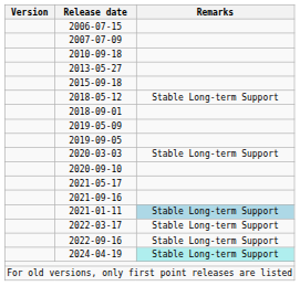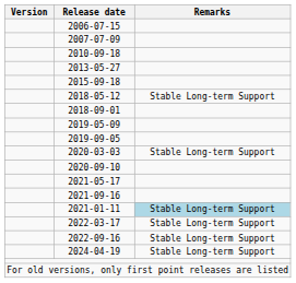 <table class="wikitable">
 <tr>
 <th>Version</th>
 <th>Release date</th>
 <th>Remarks</th>
 </tr>
 <tr style="text-align: center;">
 <td></td>
 <td>2006-07-15</td>
 <td></td>
 </tr>
 <tr style="text-align: center;">
 <td></td>
 <td>2007-07-09</td>
 <td></td>
 </tr>
 <tr style="text-align: center;">
 <td></td>
 <td>2010-09-18</td>
 <td></td>
 </tr>
 <tr style="text-align: center;">
 <td></td>
 <td>2013-05-27</td>
 <td></td>
 </tr>
 <tr style="text-align: center;">
 <td></td>
 <td>2015-09-18</td>
 <td></td>
 </tr>
 <tr style="text-align: center;">
 <td></td>
 <td>2018-05-12</td>
 <td>Stable Long-term Support</td>
 </tr>
 <tr style="text-align: center;">
 <td></td>
 <td>2018-09-01</td>
 <td></td>
 </tr>
 <tr style="text-align: center;">
 <td></td>
 <td>2019-05-09</td>
 <td></td>
 </tr>
 <tr style="text-align: center;">
 <td></td>
 <td>2019-09-05</td>
 <td></td>
 </tr>
 <tr style="text-align: center;">
 <td></td>
 <td>2020-03-03</td>
 <td>Stable Long-term Support</td>
 </tr>
 <tr style="text-align: center;">
 <td></td>
 <td>2020-09-10</td>
 <td></td>
 </tr>
 <tr style="text-align: center;">
 <td></td>
 <td>2021-05-17</td>
 <td></td>
 </tr>
 <tr style="text-align: center;">
 <td></td>
 <td>2021-09-16</td>
 <td></td>
 </tr>
 <tr style="text-align: center;">
 <td></td>
 <td>2021-01-11</td>
 <td style="background: lightblue;">Stable Long-term Support</td>
 </tr>
 <tr style="text-align: center;">
 <td></td>
 <td>2022-03-17</td>
 <td>Stable Long-term Support</td>
 </tr>
 <tr style="text-align: center;">
 <td></td>
 <td>2022-09-16</td>
 <td>Stable Long-term Support</td>
 </tr>
 <tr style="text-align: center;">
 <td></td>
 <td>2024-04-19</td>
-<td style="background: paleturquoise;">Stable Long-term Support</td>
+<td>Stable Long-term Support</td>
 </tr>
 <tr>
 <td colspan="100%"></td>
 </tr>
 <tr>
 <td colspan="40%">For old versions, only first point releases are listed</td>
 </tr>
 </table>
